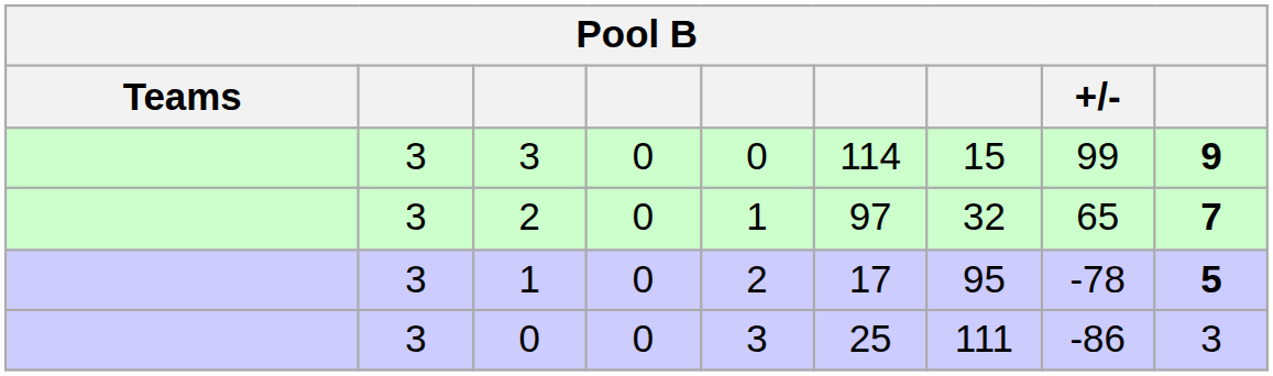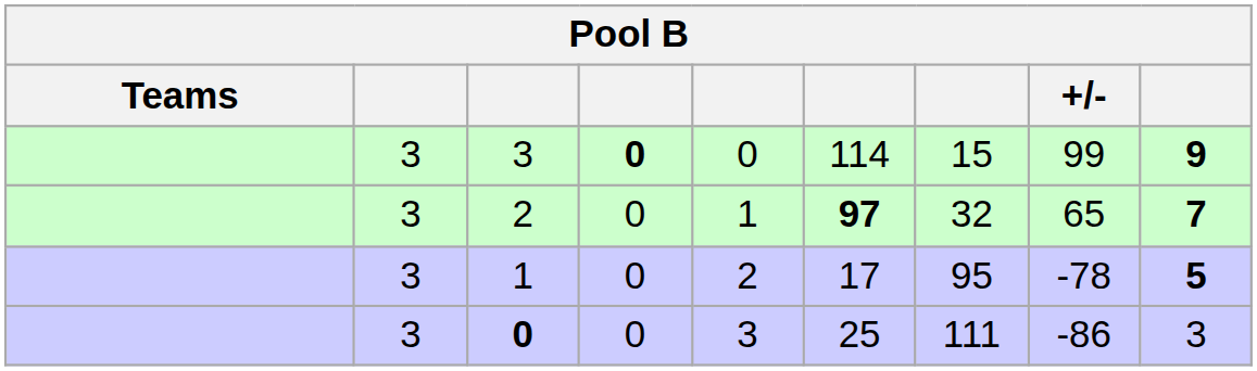 <table class="wikitable" style="text-align: center;">
 <tr>
 <th colspan=10>Pool B</th>
 </tr>
 <tr>
 <th width="140">Teams</th>
 <th width="40"></th>
 <th width="40"></th>
 <th width="40"></th>
 <th width="40"></th>
 <th width="40"></th>
 <th width="40"></th>
 <th width="40">+/-</th>
 <th width="40"></th>
 </tr>
 <tr bgcolor=ccffcc>
 <td align=left></td>
 <td>3</td>
 <td>3</td>
-<td>0</td>
+<td><strong>0</strong></td>
 <td>0</td>
 <td>114</td>
 <td>15</td>
 <td>99</td>
 <td><strong>9</strong></td>
 </tr>
 <tr bgcolor=ccffcc>
 <td align=left></td>
 <td>3</td>
 <td>2</td>
 <td>0</td>
 <td>1</td>
-<td>97</td>
+<td><strong>97</strong></td>
 <td>32</td>
 <td>65</td>
 <td><strong>7</strong></td>
 </tr>
 <tr bgcolor=ccccff>
 <td align=left></td>
 <td>3</td>
 <td>1</td>
 <td>0</td>
 <td>2</td>
 <td>17</td>
 <td>95</td>
 <td>-78</td>
 <td><strong>5</strong></td>
 </tr>
 <tr bgcolor=ccccff>
 <td align=left></td>
 <td>3</td>
-<td>0</td>
+<td><strong>0</strong></td>
 <td>0</td>
 <td>3</td>
 <td>25</td>
 <td>111</td>
 <td>-86</td>
 <td>3</td>
 </tr>
 </table>
